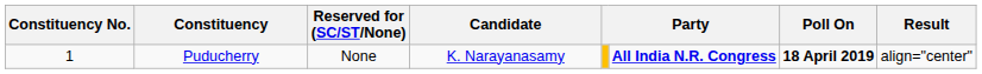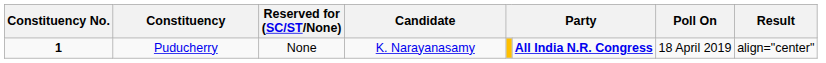 <table class="wikitable sortable" style="text-align:center;">
 <tr>
 <th>Constituency No.</th>
 <th style="width:180px;">Constituency</th>
 <th>Reserved for<br>(<a href='#'>SC/ST</a>/None)</th>
 <th style="width:200px;">Candidate</th>
 <th colspan="2">Party</th>
 <th>Poll On</th>
 <th>Result</th>
 </tr>
 <tr>
-<td align="center">1</td>
+<td align="center"><strong>1</strong></td>
 <td><a href='#'>Puducherry</a></td>
 <td align="center">None</td>
 <td><a href='#'>K. Narayanasamy</a></td>
 <td bgcolor=#FFC000></td>
 <td><strong><a href='#'>All India N.R. Congress</a></strong></td>
-<td align="center"><strong>18 April 2019</strong></td>
+<td align="center">18 April 2019</td>
 <td>align="center" </td>
 </tr>
 </table>
